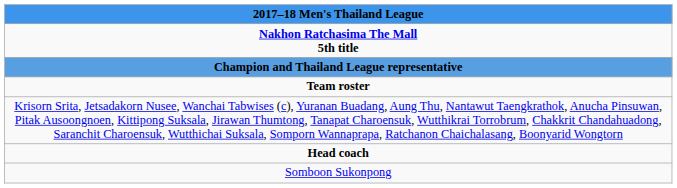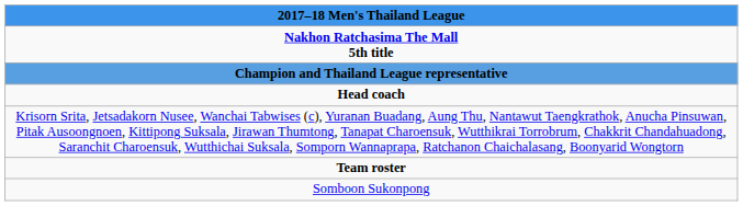 <table class="wikitable" style="text-align: center;">
 <tr>
 <th style=background:#3C95EA><span>2017–18 Men's Thailand League</span></th>
 </tr>
 <tr>
 <td><strong><a href='#'>Nakhon Ratchasima The Mall</a></strong><br><strong>5th title</strong></td>
 </tr>
 <tr>
 <th style=background:#589fe2><span>Champion and Thailand League representative</span></th>
 </tr>
 <tr>
-<td><strong>Team roster</strong></td>
+<td><strong>Head coach</strong></td>
 </tr>
 <tr>
 <td><a href='#'>Krisorn Srita</a>, <a href='#'>Jetsadakorn Nusee</a>, <a href='#'>Wanchai Tabwises</a> (<a href='#'>c</a>), <a href='#'>Yuranan Buadang</a>, <a href='#'>Aung Thu</a>, <a href='#'>Nantawut Taengkrathok</a>, <a href='#'>Anucha Pinsuwan</a>, <a href='#'>Pitak Ausoongnoen</a>, <a href='#'>Kittipong Suksala</a>, <a href='#'>Jirawan Thumtong</a>, <a href='#'>Tanapat Charoensuk</a>, <a href='#'>Wutthikrai Torrobrum</a>, <a href='#'>Chakkrit Chandahuadong</a>, <a href='#'>Saranchit Charoensuk</a>, <a href='#'>Wutthichai Suksala</a>, <a href='#'>Somporn Wannaprapa</a>, <a href='#'>Ratchanon Chaichalasang</a>, <a href='#'>Boonyarid Wongtorn</a></td>
 </tr>
 <tr>
-<td><strong>Head coach</strong></td>
+<td><strong>Team roster</strong></td>
 </tr>
 <tr>
 <td><a href='#'>Somboon Sukonpong</a></td>
 </tr>
 </table>
